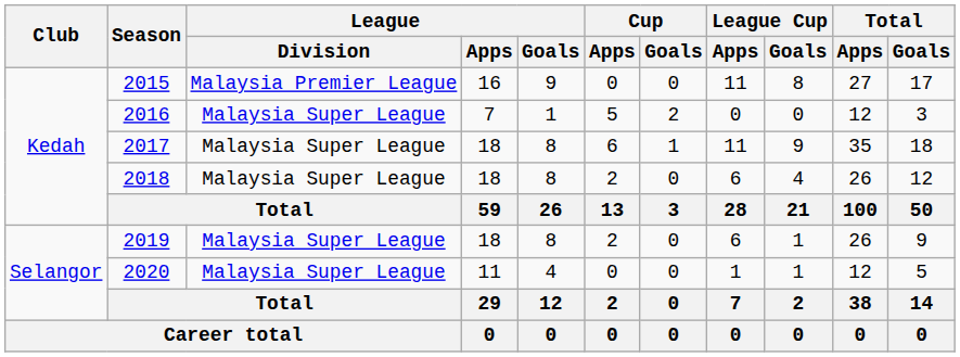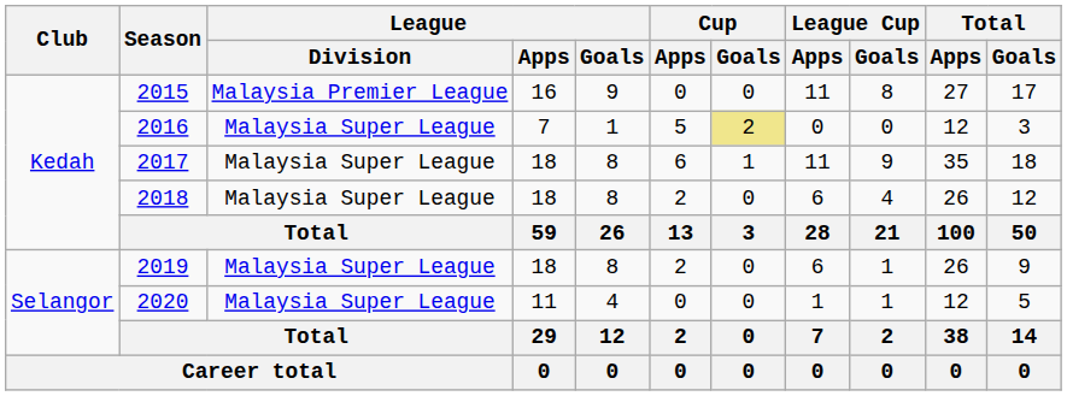 <table class=wikitable style="text-align:center">
 <tr>
 <th rowspan=2>Club</th>
 <th rowspan=2>Season</th>
 <th colspan=3>League</th>
 <th colspan=2>Cup</th>
 <th colspan=2>League Cup</th>
 <th colspan=2>Total</th>
 </tr>
 <tr>
 <th>Division</th>
 <th>Apps</th>
 <th>Goals</th>
 <th>Apps</th>
 <th>Goals</th>
 <th>Apps</th>
 <th>Goals</th>
 <th>Apps</th>
 <th>Goals</th>
 </tr>
 <tr>
 <td rowspan="5"><a href='#'>Kedah</a></td>
 <td><a href='#'>2015</a></td>
 <td><a href='#'>Malaysia Premier League</a></td>
 <td>16</td>
 <td>9</td>
 <td>0</td>
 <td>0</td>
 <td>11</td>
 <td>8</td>
 <td>27</td>
 <td>17</td>
 </tr>
 <tr>
 <td><a href='#'>2016</a></td>
 <td><a href='#'>Malaysia Super League</a></td>
 <td>7</td>
 <td>1</td>
 <td>5</td>
-<td>2</td>
+<td style="background: khaki;">2</td>
 <td>0</td>
 <td>0</td>
 <td>12</td>
 <td>3</td>
 </tr>
 <tr>
 <td><a href='#'>2017</a></td>
 <td>Malaysia Super League</td>
 <td>18</td>
 <td>8</td>
 <td>6</td>
 <td>1</td>
 <td>11</td>
 <td>9</td>
 <td>35</td>
 <td>18</td>
 </tr>
 <tr>
 <td><a href='#'>2018</a></td>
 <td>Malaysia Super League</td>
 <td>18</td>
 <td>8</td>
 <td>2</td>
 <td>0</td>
 <td>6</td>
 <td>4</td>
 <td>26</td>
 <td>12</td>
 </tr>
 <tr>
 <th colspan="2" valign="center">Total</th>
 <th>59</th>
 <th>26</th>
 <th>13</th>
 <th>3</th>
 <th>28</th>
 <th>21</th>
 <th>100</th>
 <th>50</th>
 </tr>
 <tr>
 <td rowspan="3"><a href='#'>Selangor</a></td>
 <td><a href='#'>2019</a></td>
 <td><a href='#'>Malaysia Super League</a></td>
 <td>18</td>
 <td>8</td>
 <td>2</td>
 <td>0</td>
 <td>6</td>
 <td>1</td>
 <td>26</td>
 <td>9</td>
 </tr>
 <tr>
 <td><a href='#'>2020</a></td>
 <td><a href='#'>Malaysia Super League</a></td>
 <td>11</td>
 <td>4</td>
 <td>0</td>
 <td>0</td>
 <td>1</td>
 <td>1</td>
 <td>12</td>
 <td>5</td>
 </tr>
 <tr>
 <th colspan="2" valign="center">Total</th>
 <th>29</th>
 <th>12</th>
 <th>2</th>
 <th>0</th>
 <th>7</th>
 <th>2</th>
 <th>38</th>
 <th>14</th>
 </tr>
 <tr>
 <th colspan="3">Career total</th>
 <th>0</th>
 <th>0</th>
 <th>0</th>
 <th>0</th>
 <th>0</th>
 <th>0</th>
 <th>0</th>
 <th>0</th>
 </tr>
 </table>
